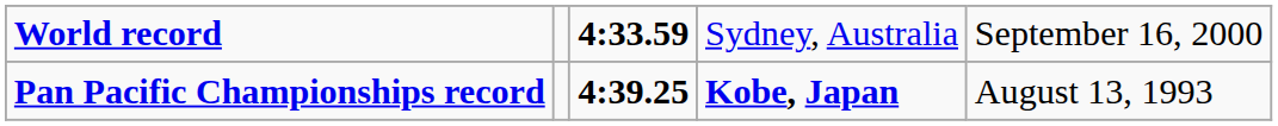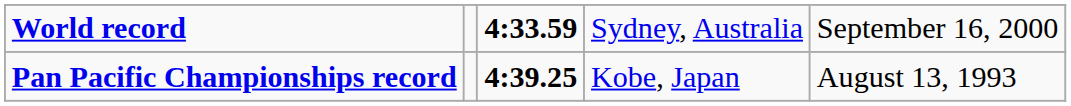 <table class="wikitable">
 <tr>
 <td><strong><a href='#'>World record</a></strong></td>
 <td></td>
 <td><strong>4:33.59</strong></td>
 <td><a href='#'>Sydney</a>, <a href='#'>Australia</a></td>
 <td>September 16, 2000</td>
 </tr>
 <tr>
 <td><strong><a href='#'>Pan Pacific Championships record</a></strong></td>
 <td></td>
 <td><strong>4:39.25</strong></td>
-<td><strong><a href='#'>Kobe</a>, <a href='#'>Japan</a></strong></td>
+<td><a href='#'>Kobe</a>, <a href='#'>Japan</a></td>
 <td>August 13, 1993</td>
 </tr>
 </table>
